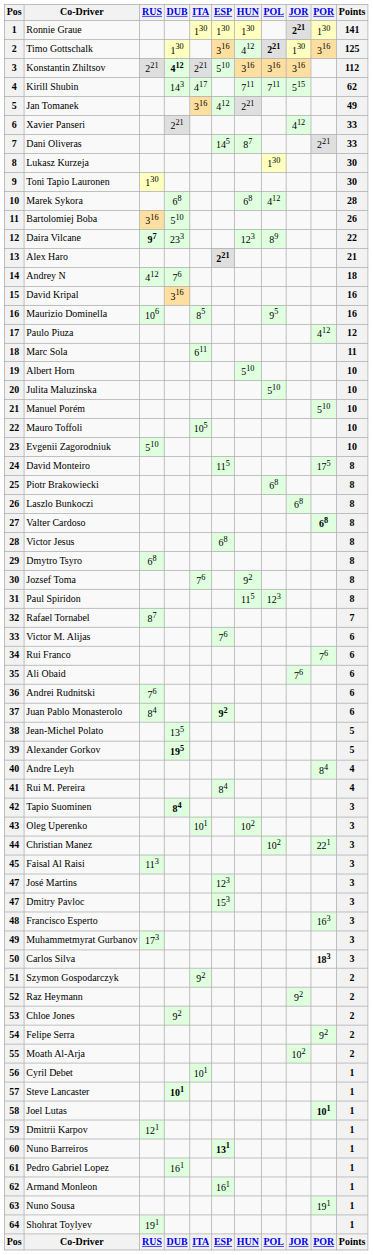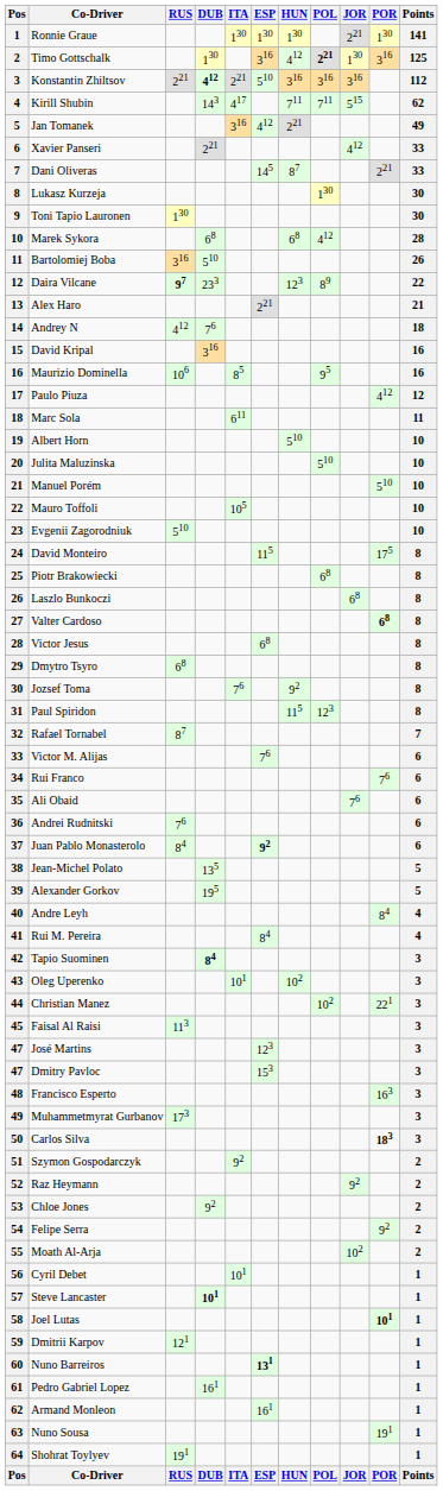 <table class="wikitable" style="font-size: 85%; text-align: center; display: inline-table;">
 <tr valign="top">
 <th valign="middle">Pos</th>
 <th valign="middle">Co-Driver</th>
 <th><a href='#'>RUS</a><br></th>
 <th><a href='#'>DUB</a><br></th>
 <th><a href='#'>ITA</a><br></th>
 <th><a href='#'>ESP</a><br></th>
 <th><a href='#'>HUN</a><br></th>
 <th><a href='#'>POL</a><br></th>
 <th><a href='#'>JOR</a><br></th>
 <th><a href='#'>POR</a><br></th>
 <th valign="middle">Points</th>
 </tr>
 <tr>
 <th>1</th>
 <td align=left> Ronnie Graue</td>
 <td></td>
 <td></td>
 <td style="background:#ffffbf;">1<sup>30</sup></td>
 <td style="background:#ffffbf;">1<sup>30</sup></td>
 <td style="background:#ffffbf;">1<sup>30</sup></td>
 <td></td>
-<td style="background:#dfdfdf;"><strong>2<sup>21</sup></strong></td>
+<td style="background:#dfdfdf;">2<sup>21</sup></td>
 <td style="background:#ffffbf;">1<sup>30</sup></td>
 <th>141</th>
 </tr>
 <tr>
 <th>2</th>
 <td align=left> Timo Gottschalk</td>
 <td></td>
 <td style="background:#ffffbf;">1<sup>30</sup></td>
 <td></td>
 <td style="background:#ffdf9f;">3<sup>16</sup></td>
 <td style="background:#dfffdf;">4<sup>12</sup></td>
 <td style="background:#dfdfdf;"><strong>2<sup>21</sup></strong></td>
 <td style="background:#ffffbf;">1<sup>30</sup></td>
 <td style="background:#ffdf9f;">3<sup>16</sup></td>
 <th>125</th>
 </tr>
 <tr>
 <th>3</th>
 <td align=left> Konstantin Zhiltsov</td>
 <td style="background:#dfdfdf;">2<sup>21</sup></td>
 <td style="background:#dfffdf;"><strong>4<sup>12</sup></strong></td>
 <td style="background:#dfdfdf;">2<sup>21</sup></td>
 <td style="background:#dfffdf;">5<sup>10</sup></td>
 <td style="background:#ffdf9f;">3<sup>16</sup></td>
 <td style="background:#ffdf9f;">3<sup>16</sup></td>
 <td style="background:#ffdf9f;">3<sup>16</sup></td>
 <td></td>
 <th>112</th>
 </tr>
 <tr>
 <th>4</th>
 <td align=left> Kirill Shubin</td>
 <td></td>
 <td style="background:#dfffdf;">14<sup>3</sup></td>
 <td style="background:#dfffdf;">4<sup>17</sup></td>
 <td></td>
 <td style="background:#dfffdf;">7<sup>11</sup></td>
 <td style="background:#dfffdf;">7<sup>11</sup></td>
 <td style="background:#dfffdf;">5<sup>15</sup></td>
 <td></td>
 <th>62</th>
 </tr>
 <tr>
 <th>5</th>
 <td align=left> Jan Tomanek</td>
 <td></td>
 <td></td>
 <td style="background:#ffdf9f;">3<sup>16</sup></td>
 <td style="background:#dfffdf;">4<sup>12</sup></td>
 <td style="background:#dfdfdf;">2<sup>21</sup></td>
 <td></td>
 <td></td>
 <td></td>
 <th>49</th>
 </tr>
 <tr>
 <th>6</th>
 <td align=left> Xavier Panseri</td>
 <td></td>
 <td style="background:#dfdfdf;">2<sup>21</sup></td>
 <td></td>
 <td></td>
 <td></td>
 <td></td>
 <td style="background:#dfffdf;">4<sup>12</sup></td>
 <td></td>
 <th>33</th>
 </tr>
 <tr>
 <th>7</th>
 <td align=left> Dani Oliveras</td>
 <td></td>
 <td></td>
 <td></td>
 <td style="background:#dfffdf;">14<sup>5</sup></td>
 <td style="background:#dfffdf;">8<sup>7</sup></td>
 <td></td>
 <td></td>
 <td style="background:#dfdfdf;">2<sup>21</sup></td>
 <th>33</th>
 </tr>
 <tr>
 <th>8</th>
 <td align=left> Lukasz Kurzeja</td>
 <td></td>
 <td></td>
 <td></td>
 <td></td>
 <td></td>
 <td style="background:#ffffbf;">1<sup>30</sup></td>
 <td></td>
 <td></td>
 <th>30</th>
 </tr>
 <tr>
 <th>9</th>
 <td align=left> Toni Tapio Lauronen</td>
 <td style="background:#ffffbf;">1<sup>30</sup></td>
 <td></td>
 <td></td>
 <td></td>
 <td></td>
 <td></td>
 <td></td>
 <td></td>
 <th>30</th>
 </tr>
 <tr>
 <th>10</th>
 <td align=left> Marek Sykora</td>
 <td></td>
 <td style="background:#dfffdf;">6<sup>8</sup></td>
 <td></td>
 <td></td>
 <td style="background:#dfffdf;">6<sup>8</sup></td>
 <td style="background:#dfffdf;">4<sup>12</sup></td>
 <td></td>
 <td></td>
 <th>28</th>
 </tr>
 <tr>
 <th>11</th>
 <td align=left> Bartolomiej Boba</td>
 <td style="background:#ffdf9f;">3<sup>16</sup></td>
 <td style="background:#dfffdf;">5<sup>10</sup></td>
 <td></td>
 <td></td>
 <td></td>
 <td></td>
 <td></td>
 <td></td>
 <th>26</th>
 </tr>
 <tr>
 <th>12</th>
 <td align=left> Daira Vilcane</td>
 <td style="background:#dfffdf;"><strong>9<sup>7</sup></strong></td>
 <td style="background:#dfffdf;">23<sup>3</sup></td>
 <td></td>
 <td></td>
 <td style="background:#dfffdf;">12<sup>3</sup></td>
 <td style="background:#dfffdf;">8<sup>9</sup></td>
 <td></td>
 <td></td>
 <th>22</th>
 </tr>
 <tr>
 <th>13</th>
 <td align=left> Alex Haro</td>
 <td></td>
 <td></td>
 <td></td>
-<td style="background:#dfdfdf;"><strong>2<sup>21</sup></strong></td>
+<td style="background:#dfdfdf;">2<sup>21</sup></td>
 <td></td>
 <td></td>
 <td></td>
 <td></td>
 <th>21</th>
 </tr>
 <tr>
 <th>14</th>
 <td align=left> Andrey N</td>
 <td style="background:#dfffdf;">4<sup>12</sup></td>
 <td style="background:#dfffdf;">7<sup>6</sup></td>
 <td></td>
 <td></td>
 <td></td>
 <td></td>
 <td></td>
 <td></td>
 <th>18</th>
 </tr>
 <tr>
 <th>15</th>
 <td align=left> David Kripal</td>
 <td></td>
 <td style="background:#ffdf9f;">3<sup>16</sup></td>
 <td></td>
 <td></td>
 <td></td>
 <td></td>
 <td></td>
 <td></td>
 <th>16</th>
 </tr>
 <tr>
 <th>16</th>
 <td align=left> Maurizio Dominella</td>
 <td style="background:#dfffdf;">10<sup>6</sup></td>
 <td></td>
 <td style="background:#dfffdf;">8<sup>5</sup></td>
 <td></td>
 <td></td>
 <td style="background:#dfffdf;">9<sup>5</sup></td>
 <td></td>
 <td></td>
 <th>16</th>
 </tr>
 <tr>
 <th>17</th>
 <td align=left> Paulo Piuza</td>
 <td></td>
 <td></td>
 <td></td>
 <td></td>
 <td></td>
 <td></td>
 <td></td>
 <td style="background:#dfffdf;">4<sup>12</sup></td>
 <th>12</th>
 </tr>
 <tr>
 <th>18</th>
 <td align=left> Marc Sola</td>
 <td></td>
 <td></td>
 <td style="background:#dfffdf;">6<sup>11</sup></td>
 <td></td>
 <td></td>
 <td></td>
 <td></td>
 <td></td>
 <th>11</th>
 </tr>
 <tr>
 <th>19</th>
 <td align=left> Albert Horn</td>
 <td></td>
 <td></td>
 <td></td>
 <td></td>
 <td style="background:#dfffdf;">5<sup>10</sup></td>
 <td></td>
 <td></td>
 <td></td>
 <th>10</th>
 </tr>
 <tr>
 <th>20</th>
 <td align=left> Julita Maluzinska</td>
 <td></td>
 <td></td>
 <td></td>
 <td></td>
 <td></td>
 <td style="background:#dfffdf;">5<sup>10</sup></td>
 <td></td>
 <td></td>
 <th>10</th>
 </tr>
 <tr>
 <th>21</th>
 <td align=left> Manuel Porém</td>
 <td></td>
 <td></td>
 <td></td>
 <td></td>
 <td></td>
 <td></td>
 <td></td>
 <td style="background:#dfffdf;">5<sup>10</sup></td>
 <th>10</th>
 </tr>
 <tr>
 <th>22</th>
 <td align=left> Mauro Toffoli</td>
 <td></td>
 <td></td>
 <td style="background:#dfffdf;">10<sup>5</sup></td>
 <td></td>
 <td></td>
 <td></td>
 <td></td>
 <td></td>
 <th>10</th>
 </tr>
 <tr>
 <th>23</th>
 <td align=left> Evgenii Zagorodniuk</td>
 <td style="background:#dfffdf;">5<sup>10</sup></td>
 <td></td>
 <td></td>
 <td></td>
 <td></td>
 <td></td>
 <td></td>
 <td></td>
 <th>10</th>
 </tr>
 <tr>
 <th>24</th>
 <td align=left> David Monteiro</td>
 <td></td>
 <td></td>
 <td></td>
 <td style="background:#dfffdf;">11<sup>5</sup></td>
 <td></td>
 <td></td>
 <td></td>
 <td style="background:#dfffdf;">17<sup>5</sup></td>
 <th>8</th>
 </tr>
 <tr>
 <th>25</th>
 <td align=left> Piotr Brakowiecki</td>
 <td></td>
 <td></td>
 <td></td>
 <td></td>
 <td></td>
 <td style="background:#dfffdf;">6<sup>8</sup></td>
 <td></td>
 <td></td>
 <th>8</th>
 </tr>
 <tr>
 <th>26</th>
 <td align=left> Laszlo Bunkoczi</td>
 <td></td>
 <td></td>
 <td></td>
 <td></td>
 <td></td>
 <td></td>
 <td style="background:#dfffdf;">6<sup>8</sup></td>
 <td></td>
 <th>8</th>
 </tr>
 <tr>
 <th>27</th>
 <td align=left> Valter Cardoso</td>
 <td></td>
 <td></td>
 <td></td>
 <td></td>
 <td></td>
 <td></td>
 <td></td>
 <td style="background:#dfffdf;"><strong>6<sup>8</sup></strong></td>
 <th>8</th>
 </tr>
 <tr>
 <th>28</th>
 <td align=left> Victor Jesus</td>
 <td></td>
 <td></td>
 <td></td>
 <td style="background:#dfffdf;">6<sup>8</sup></td>
 <td></td>
 <td></td>
 <td></td>
 <td></td>
 <th>8</th>
 </tr>
 <tr>
 <th>29</th>
 <td align=left> Dmytro Tsyro</td>
 <td style="background:#dfffdf;">6<sup>8</sup></td>
 <td></td>
 <td></td>
 <td></td>
 <td></td>
 <td></td>
 <td></td>
 <td></td>
 <th>8</th>
 </tr>
 <tr>
 <th>30</th>
 <td align=left> Jozsef Toma</td>
 <td></td>
 <td></td>
 <td style="background:#dfffdf;">7<sup>6</sup></td>
 <td></td>
 <td style="background:#dfffdf;">9<sup>2</sup></td>
 <td></td>
 <td></td>
 <td></td>
 <th>8</th>
 </tr>
 <tr>
 <th>31</th>
 <td align=left> Paul Spiridon</td>
 <td></td>
 <td></td>
 <td></td>
 <td></td>
 <td style="background:#dfffdf;">11<sup>5</sup></td>
 <td style="background:#dfffdf;">12<sup>3</sup></td>
 <td></td>
 <td></td>
 <th>8</th>
 </tr>
 <tr>
 <th>32</th>
 <td align=left> Rafael Tornabel</td>
 <td style="background:#dfffdf;">8<sup>7</sup></td>
 <td></td>
 <td></td>
 <td></td>
 <td></td>
 <td></td>
 <td></td>
 <td></td>
 <th>7</th>
 </tr>
 <tr>
 <th>33</th>
 <td align=left> Victor M. Alijas</td>
 <td></td>
 <td></td>
 <td></td>
 <td style="background:#dfffdf;">7<sup>6</sup></td>
 <td></td>
 <td></td>
 <td></td>
 <td></td>
 <th>6</th>
 </tr>
 <tr>
 <th>34</th>
 <td align=left> Rui Franco</td>
 <td></td>
 <td></td>
 <td></td>
 <td></td>
 <td></td>
 <td></td>
 <td></td>
 <td style="background:#dfffdf;">7<sup>6</sup></td>
 <th>6</th>
 </tr>
 <tr>
 <th>35</th>
 <td align=left> Ali Obaid</td>
 <td></td>
 <td></td>
 <td></td>
 <td></td>
 <td></td>
 <td></td>
 <td style="background:#dfffdf;">7<sup>6</sup></td>
 <td></td>
 <th>6</th>
 </tr>
 <tr>
 <th>36</th>
 <td align=left> Andrei Rudnitski</td>
 <td style="background:#dfffdf;">7<sup>6</sup></td>
 <td></td>
 <td></td>
 <td></td>
 <td></td>
 <td></td>
 <td></td>
 <td></td>
 <th>6</th>
 </tr>
 <tr>
 <th>37</th>
 <td align=left> Juan Pablo Monasterolo</td>
 <td style="background:#dfffdf;">8<sup>4</sup></td>
 <td></td>
 <td></td>
 <td style="background:#dfffdf;"><strong>9<sup>2</sup></strong></td>
 <td></td>
 <td></td>
 <td></td>
 <td></td>
 <th>6</th>
 </tr>
 <tr>
 <th>38</th>
 <td align=left> Jean-Michel Polato</td>
 <td></td>
 <td style="background:#dfffdf;">13<sup>5</sup></td>
 <td></td>
 <td></td>
 <td></td>
 <td></td>
 <td></td>
 <td></td>
 <th>5</th>
 </tr>
 <tr>
 <th>39</th>
 <td align=left> Alexander Gorkov</td>
 <td></td>
-<td style="background:#dfffdf;"><strong>19<sup>5</sup></strong></td>
+<td style="background:#dfffdf;">19<sup>5</sup></td>
 <td></td>
 <td></td>
 <td></td>
 <td></td>
 <td></td>
 <td></td>
 <th>5</th>
 </tr>
 <tr>
 <th>40</th>
 <td align=left> Andre Leyh</td>
 <td></td>
 <td></td>
 <td></td>
 <td></td>
 <td></td>
 <td></td>
 <td></td>
 <td style="background:#dfffdf;">8<sup>4</sup></td>
 <th>4</th>
 </tr>
 <tr>
 <th>41</th>
 <td align=left> Rui M. Pereira</td>
 <td></td>
 <td></td>
 <td></td>
 <td style="background:#dfffdf;">8<sup>4</sup></td>
 <td></td>
 <td></td>
 <td></td>
 <td></td>
 <th>4</th>
 </tr>
 <tr>
 <th>42</th>
 <td align=left> Tapio Suominen</td>
 <td></td>
 <td style="background:#dfffdf;"><strong>8<sup>4</sup></strong></td>
 <td></td>
 <td></td>
 <td></td>
 <td></td>
 <td></td>
 <td></td>
 <th>3</th>
 </tr>
 <tr>
 <th>43</th>
 <td align=left> Oleg Uperenko</td>
 <td></td>
 <td></td>
 <td style="background:#dfffdf;">10<sup>1</sup></td>
 <td></td>
 <td style="background:#dfffdf;">10<sup>2</sup></td>
 <td></td>
 <td></td>
 <td></td>
 <th>3</th>
 </tr>
 <tr>
 <th>44</th>
 <td align=left> Christian Manez</td>
 <td></td>
 <td></td>
 <td></td>
 <td></td>
 <td></td>
 <td style="background:#dfffdf;">10<sup>2</sup></td>
 <td></td>
 <td style="background:#dfffdf;">22<sup>1</sup></td>
 <th>3</th>
 </tr>
 <tr>
 <th>45</th>
 <td align=left> Faisal Al Raisi</td>
 <td style="background:#dfffdf;">11<sup>3</sup></td>
 <td></td>
 <td></td>
 <td></td>
 <td></td>
 <td></td>
 <td></td>
 <td></td>
 <th>3</th>
 </tr>
 <tr>
 <th>47</th>
 <td align=left> José Martins</td>
 <td></td>
 <td></td>
 <td></td>
 <td style="background:#dfffdf;">12<sup>3</sup></td>
 <td></td>
 <td></td>
 <td></td>
 <td></td>
 <th>3</th>
 </tr>
 <tr>
 <th>47</th>
 <td align=left> Dmitry Pavloc</td>
 <td></td>
 <td></td>
 <td></td>
 <td style="background:#dfffdf;">15<sup>3</sup></td>
 <td></td>
 <td></td>
 <td></td>
 <td></td>
 <th>3</th>
 </tr>
 <tr>
 <th>48</th>
 <td align=left> Francisco Esperto</td>
 <td></td>
 <td></td>
 <td></td>
 <td></td>
 <td></td>
 <td></td>
 <td></td>
 <td style="background:#dfffdf;">16<sup>3</sup></td>
 <th>3</th>
 </tr>
 <tr>
 <th>49</th>
 <td align=left> Muhammetmyrat Gurbanov</td>
 <td style="background:#dfffdf;">17<sup>3</sup></td>
 <td></td>
 <td></td>
 <td></td>
 <td></td>
 <td></td>
 <td></td>
 <td></td>
 <th>3</th>
 </tr>
 <tr>
 <th>50</th>
 <td align=left> Carlos Silva</td>
 <td></td>
 <td></td>
 <td></td>
 <td></td>
 <td></td>
 <td></td>
 <td></td>
 <td tyle="background:#dfffdf;"><strong>18<sup>3</sup></strong></td>
 <th>3</th>
 </tr>
 <tr>
 <th>51</th>
 <td align=left> Szymon Gospodarczyk</td>
 <td></td>
 <td></td>
 <td style="background:#dfffdf;">9<sup>2</sup></td>
 <td></td>
 <td></td>
 <td></td>
 <td></td>
 <td></td>
 <th>2</th>
 </tr>
 <tr>
 <th>52</th>
 <td align=left> Raz Heymann</td>
 <td></td>
 <td></td>
 <td></td>
 <td></td>
 <td></td>
 <td></td>
 <td style="background:#dfffdf;">9<sup>2</sup></td>
 <td></td>
 <th>2</th>
 </tr>
 <tr>
 <th>53</th>
 <td align=left> Chloe Jones</td>
 <td></td>
 <td style="background:#dfffdf;">9<sup>2</sup></td>
 <td></td>
 <td></td>
 <td></td>
 <td></td>
 <td></td>
 <td></td>
 <th>2</th>
 </tr>
 <tr>
 <th>54</th>
 <td align=left> Felipe Serra</td>
 <td></td>
 <td></td>
 <td></td>
 <td></td>
 <td></td>
 <td></td>
 <td></td>
 <td style="background:#dfffdf;">9<sup>2</sup></td>
 <th>2</th>
 </tr>
 <tr>
 <th>55</th>
 <td align=left> Moath Al-Arja</td>
 <td></td>
 <td></td>
 <td></td>
 <td></td>
 <td></td>
 <td></td>
 <td style="background:#dfffdf;">10<sup>2</sup></td>
 <td></td>
 <th>2</th>
 </tr>
 <tr>
 <th>56</th>
 <td align=left> Cyril Debet</td>
 <td></td>
 <td></td>
 <td style="background:#dfffdf;">10<sup>1</sup></td>
 <td></td>
 <td></td>
 <td></td>
 <td></td>
 <td></td>
 <th>1</th>
 </tr>
 <tr>
 <th>57</th>
 <td align=left> Steve Lancaster</td>
 <td></td>
 <td style="background:#dfffdf;"><strong>10<sup>1</sup></strong></td>
 <td></td>
 <td></td>
 <td></td>
 <td></td>
 <td></td>
 <td></td>
 <th>1</th>
 </tr>
 <tr>
 <th>58</th>
 <td align=left> Joel Lutas</td>
 <td></td>
 <td></td>
 <td></td>
 <td></td>
 <td></td>
 <td></td>
 <td></td>
 <td style="background:#dfffdf;"><strong>10<sup>1</sup></strong></td>
 <th>1</th>
 </tr>
 <tr>
 <th>59</th>
 <td align=left> Dmitrii Karpov</td>
 <td style="background:#dfffdf;">12<sup>1</sup></td>
 <td></td>
 <td></td>
 <td></td>
 <td></td>
 <td></td>
 <td></td>
 <td></td>
 <th>1</th>
 </tr>
 <tr>
 <th>60</th>
 <td align=left> Nuno Barreiros</td>
 <td></td>
 <td></td>
 <td></td>
 <td style="background:#dfffdf;"><strong>13<sup>1</sup></strong></td>
 <td></td>
 <td></td>
 <td></td>
 <td></td>
 <th>1</th>
 </tr>
 <tr>
 <th>61</th>
 <td align=left> Pedro Gabriel Lopez</td>
 <td></td>
 <td style="background:#dfffdf;">16<sup>1</sup></td>
 <td></td>
 <td></td>
 <td></td>
 <td></td>
 <td></td>
 <td></td>
 <th>1</th>
 </tr>
 <tr>
 <th>62</th>
 <td align=left> Armand Monleon</td>
 <td></td>
 <td></td>
 <td></td>
 <td style="background:#dfffdf;">16<sup>1</sup></td>
 <td></td>
 <td></td>
 <td></td>
 <td></td>
 <th>1</th>
 </tr>
 <tr>
 <th>63</th>
 <td align=left> Nuno Sousa</td>
 <td></td>
 <td></td>
 <td></td>
 <td></td>
 <td></td>
 <td></td>
 <td></td>
 <td style="background:#dfffdf;">19<sup>1</sup></td>
 <th>1</th>
 </tr>
 <tr>
 <th>64</th>
 <td align=left> Shohrat Toylyev</td>
 <td style="background:#dfffdf;">19<sup>1</sup></td>
 <td></td>
 <td></td>
 <td></td>
 <td></td>
 <td></td>
 <td></td>
 <td></td>
 <th>1</th>
 </tr>
 <tr valign="top">
 <th valign="middle">Pos</th>
 <th valign="middle">Co-Driver</th>
 <th><a href='#'>RUS</a><br></th>
 <th><a href='#'>DUB</a><br></th>
 <th><a href='#'>ITA</a><br></th>
 <th><a href='#'>ESP</a><br></th>
 <th><a href='#'>HUN</a><br></th>
 <th><a href='#'>POL</a><br></th>
 <th><a href='#'>JOR</a><br></th>
 <th><a href='#'>POR</a><br></th>
 <th valign="middle">Points</th>
 </tr>
 </table>
